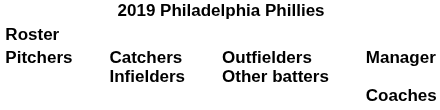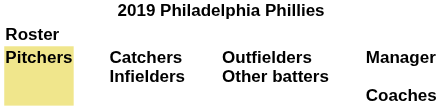 <table class="toccolours" style="font-size: 95%;">
 <tr>
 <th colspan="10" style=><strong>2019 Philadelphia Phillies</strong></th>
 </tr>
 <tr>
 <td colspan="7"><strong>Roster</strong></td>
 </tr>
 <tr>
-<td valign="top"><strong>Pitchers</strong><br>                              </td>
+<td valign="top" style="background: khaki;"><strong>Pitchers</strong><br>                              </td>
 <td style="width:25px;"></td>
 <td valign="top"><strong>Catchers</strong><br>   <strong>Infielders</strong>       </td>
 <td style="width:25px;"></td>
 <td valign="top"><strong>Outfielders</strong><br>            <strong>Other batters</strong>   </td>
 <td style="width:25px;"></td>
 <td valign="top"><strong>Manager</strong><br><br><strong>Coaches</strong>                        </td>
 </tr>
 </table>
